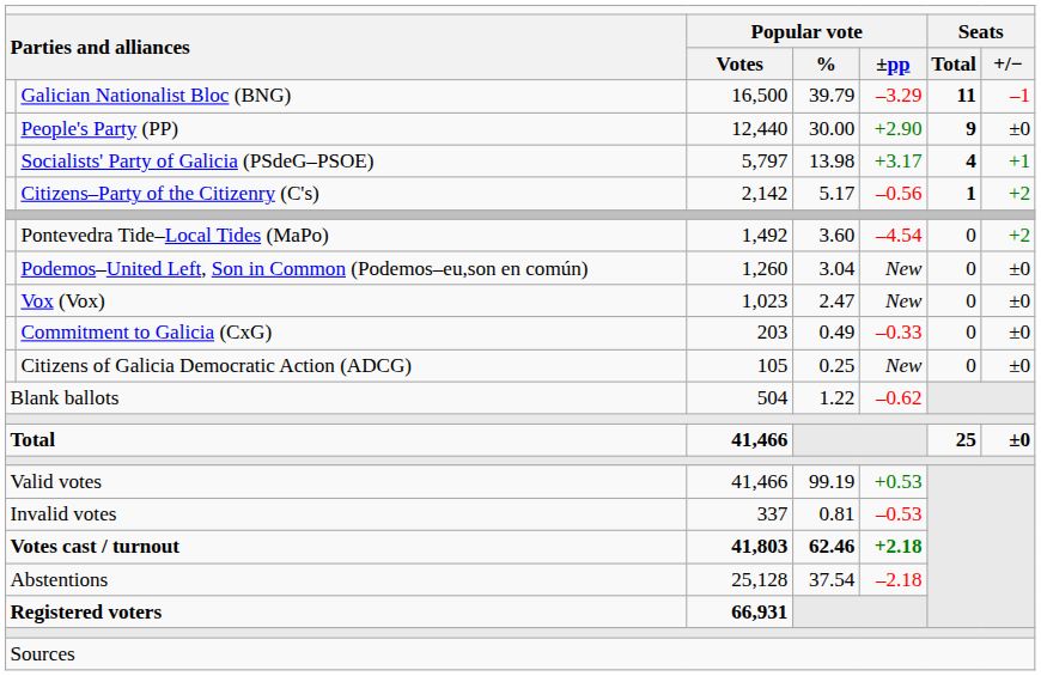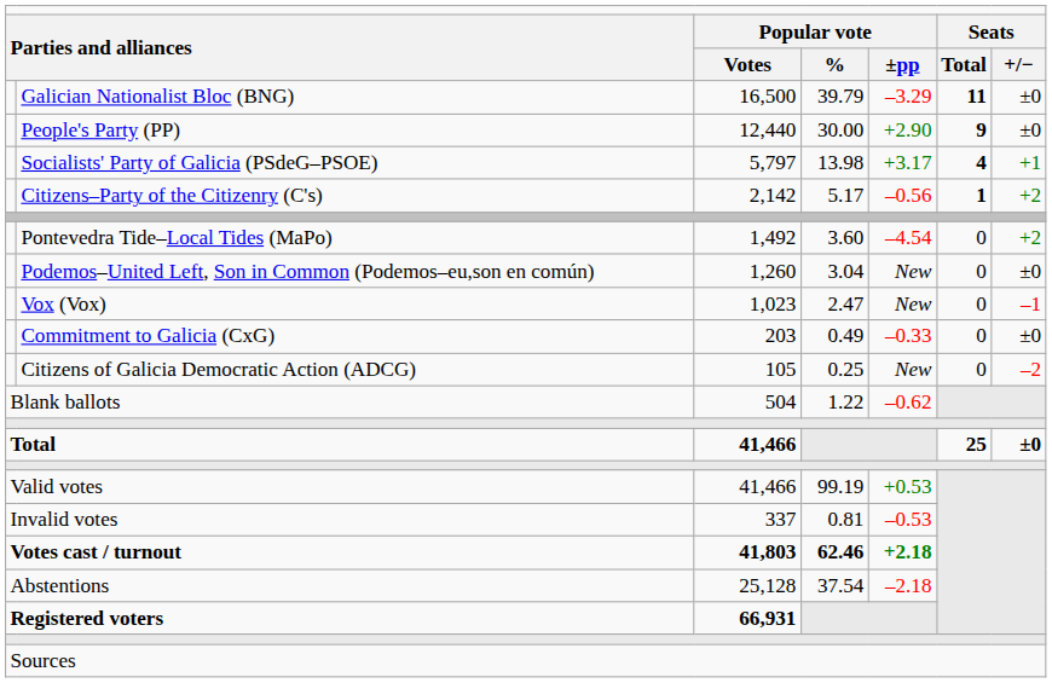 <table class="wikitable" style="text-align:right;">
 <tr>
 <td colspan="7"></td>
 </tr>
 <tr>
 <th style="text-align:left;" rowspan="2" colspan="2" width="525">Parties and alliances</th>
 <th colspan="3">Popular vote</th>
 <th colspan="2">Seats</th>
 </tr>
 <tr>
 <th width="75">Votes</th>
 <th width="45">%</th>
 <th width="45">±<a href='#'>pp</a></th>
 <th width="35">Total</th>
 <th width="35">+/−</th>
 </tr>
 <tr>
 <td width="1" style="color:inherit;background:"></td>
 <td align="left"><a href='#'>Galician Nationalist Bloc</a> (BNG)</td>
 <td>16,500</td>
 <td>39.79</td>
 <td style="color:red;">–3.29</td>
 <td><strong>11</strong></td>
-<td style="color:red;">–1</td>
+<td>±0</td>
 </tr>
 <tr>
 <td style="color:inherit;background:"></td>
 <td align="left"><a href='#'>People's Party</a> (PP)</td>
 <td>12,440</td>
 <td>30.00</td>
 <td style="color:green;">+2.90</td>
 <td><strong>9</strong></td>
 <td>±0</td>
 </tr>
 <tr>
 <td style="color:inherit;background:"></td>
 <td align="left"><a href='#'>Socialists' Party of Galicia</a> (PSdeG–PSOE)</td>
 <td>5,797</td>
 <td>13.98</td>
 <td style="color:green;">+3.17</td>
 <td><strong>4</strong></td>
 <td style="color:green;">+1</td>
 </tr>
 <tr>
 <td style="color:inherit;background:"></td>
 <td align="left"><a href='#'>Citizens–Party of the Citizenry</a> (C's)</td>
 <td>2,142</td>
 <td>5.17</td>
 <td style="color:red;">–0.56</td>
 <td><strong>1</strong></td>
 <td style="color:green;">+2</td>
 </tr>
 <tr>
 <td colspan="7" bgcolor="#C0C0C0"></td>
 </tr>
 <tr>
 <td style="color:inherit;background:"></td>
 <td align="left">Pontevedra Tide–<a href='#'>Local Tides</a> (MaPo)</td>
 <td>1,492</td>
 <td>3.60</td>
 <td style="color:red;">–4.54</td>
 <td>0</td>
 <td style="color:green;">+2</td>
 </tr>
 <tr>
 <td style="color:inherit;background:"></td>
 <td align="left"><a href='#'>Podemos</a>–<a href='#'>United Left</a>, <a href='#'>Son in Common</a> (Podemos–eu,son en común)</td>
 <td>1,260</td>
 <td>3.04</td>
 <td><em>New</em></td>
 <td>0</td>
 <td>±0</td>
 </tr>
 <tr>
 <td style="color:inherit;background:"></td>
 <td align="left"><a href='#'>Vox</a> (Vox)</td>
 <td>1,023</td>
 <td>2.47</td>
 <td><em>New</em></td>
 <td>0</td>
-<td>±0</td>
+<td style="color:red;">–1</td>
 </tr>
 <tr>
 <td style="color:inherit;background:"></td>
 <td align="left"><a href='#'>Commitment to Galicia</a> (CxG)</td>
 <td>203</td>
 <td>0.49</td>
 <td style="color:red;">–0.33</td>
 <td>0</td>
 <td>±0</td>
 </tr>
 <tr>
 <td style="color:inherit;background:"></td>
 <td align="left">Citizens of Galicia Democratic Action (ADCG)</td>
 <td>105</td>
 <td>0.25</td>
 <td><em>New</em></td>
 <td>0</td>
-<td>±0</td>
+<td style="color:red;">–2</td>
 </tr>
 <tr>
 <td align="left" colspan="2">Blank ballots</td>
 <td>504</td>
 <td>1.22</td>
 <td style="color:red;">–0.62</td>
 <td bgcolor="#E9E9E9" colspan="2"></td>
 </tr>
 <tr>
 <td colspan="7" bgcolor="#E9E9E9"></td>
 </tr>
 <tr style="font-weight:bold;">
 <td align="left" colspan="2">Total</td>
 <td>41,466</td>
 <td bgcolor="#E9E9E9" colspan="2"></td>
 <td>25</td>
 <td>±0</td>
 </tr>
 <tr>
 <td colspan="7" bgcolor="#E9E9E9"></td>
 </tr>
 <tr>
 <td align="left" colspan="2">Valid votes</td>
 <td>41,466</td>
 <td>99.19</td>
 <td style="color:green;">+0.53</td>
 <td bgcolor="#E9E9E9" colspan="2" rowspan="5"></td>
 </tr>
 <tr>
 <td align="left" colspan="2">Invalid votes</td>
 <td>337</td>
 <td>0.81</td>
 <td style="color:red;">–0.53</td>
 </tr>
 <tr style="font-weight:bold;">
 <td align="left" colspan="2">Votes cast / turnout</td>
 <td>41,803</td>
 <td>62.46</td>
 <td style="color:green;">+2.18</td>
 </tr>
 <tr>
 <td align="left" colspan="2">Abstentions</td>
 <td>25,128</td>
 <td>37.54</td>
 <td style="color:red;">–2.18</td>
 </tr>
 <tr style="font-weight:bold;">
 <td align="left" colspan="2">Registered voters</td>
 <td>66,931</td>
 <td bgcolor="#E9E9E9" colspan="2"></td>
 </tr>
 <tr>
 <td colspan="7" bgcolor="#E9E9E9"></td>
 </tr>
 <tr>
 <td align="left" colspan="7">Sources</td>
 </tr>
 </table>
